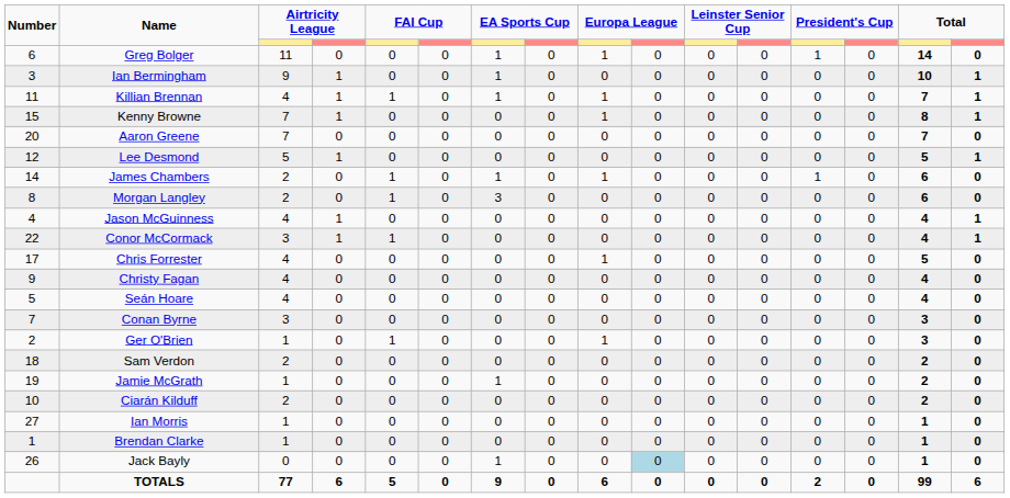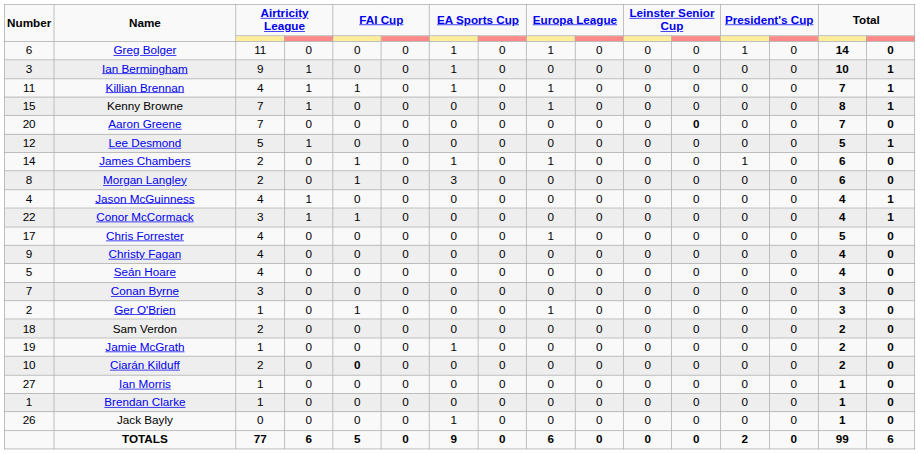 <table class="wikitable" style="text-align:center;">
 <tr style="text-align:center;">
 <td rowspan=2  style="width:5%; "><strong>Number</strong></td>
 <td rowspan=2  style="width:20%; "><strong>Name</strong></td>
 <td colspan=2><strong><a href='#'>Airtricity League</a></strong></td>
 <td colspan=2><strong><a href='#'>FAI Cup</a></strong></td>
 <td colspan=2><strong><a href='#'>EA Sports Cup</a></strong></td>
 <td colspan=2><strong><a href='#'>Europa League</a></strong></td>
 <td colspan=2><strong><a href='#'>Leinster Senior Cup</a></strong></td>
 <td colspan=2><strong><a href='#'>President's Cup</a></strong></td>
 <td colspan=2><strong>Total</strong></td>
 </tr>
 <tr>
 <th style="width:60px; background:#fe9;"></th>
 <th style="width:60px; background:#ff8888;"></th>
 <th style="width:60px; background:#fe9;"></th>
 <th style="width:60px; background:#ff8888;"></th>
 <th style="width:60px; background:#fe9;"></th>
 <th style="width:60px; background:#ff8888;"></th>
 <th style="width:60px; background:#fe9;"></th>
 <th style="width:60px; background:#ff8888;"></th>
 <th style="width:60px; background:#fe9;"></th>
 <th style="width:60px; background:#ff8888;"></th>
 <th style="width:60px; background:#fe9;"></th>
 <th style="width:60px; background:#ff8888;"></th>
 <th style="width:60px; background:#fe9;"></th>
 <th style="width:60px; background:#ff8888;"></th>
 </tr>
 <tr>
 <td>6</td>
 <td><a href='#'>Greg Bolger</a></td>
 <td>11</td>
 <td>0</td>
 <td>0</td>
 <td>0</td>
 <td>1</td>
 <td>0</td>
 <td>1</td>
 <td>0</td>
 <td>0</td>
 <td>0</td>
 <td>1</td>
 <td>0</td>
 <td><strong>14</strong></td>
 <td><strong>0</strong></td>
 </tr>
 <tr style="background:#eee;">
 <td>3</td>
 <td><a href='#'>Ian Bermingham</a></td>
 <td>9</td>
 <td>1</td>
 <td>0</td>
 <td>0</td>
 <td>1</td>
 <td>0</td>
 <td>0</td>
 <td>0</td>
 <td>0</td>
 <td>0</td>
 <td>0</td>
 <td>0</td>
 <td><strong>10</strong></td>
 <td><strong>1</strong></td>
 </tr>
 <tr>
 <td>11</td>
 <td><a href='#'>Killian Brennan</a></td>
 <td>4</td>
 <td>1</td>
 <td>1</td>
 <td>0</td>
 <td>1</td>
 <td>0</td>
 <td>1</td>
 <td>0</td>
 <td>0</td>
 <td>0</td>
 <td>0</td>
 <td>0</td>
 <td><strong>7</strong></td>
 <td><strong>1</strong></td>
 </tr>
 <tr style="background:#eee;">
 <td>15</td>
 <td>Kenny Browne</td>
 <td>7</td>
 <td>1</td>
 <td>0</td>
 <td>0</td>
 <td>0</td>
 <td>0</td>
 <td>1</td>
 <td>0</td>
 <td>0</td>
 <td>0</td>
 <td>0</td>
 <td>0</td>
 <td><strong>8</strong></td>
 <td><strong>1</strong></td>
 </tr>
 <tr>
 <td>20</td>
 <td><a href='#'>Aaron Greene</a></td>
 <td>7</td>
 <td>0</td>
 <td>0</td>
 <td>0</td>
 <td>0</td>
 <td>0</td>
 <td>0</td>
 <td>0</td>
 <td>0</td>
-<td>0</td>
+<td><strong>0</strong></td>
 <td>0</td>
 <td>0</td>
 <td><strong>7</strong></td>
 <td><strong>0</strong></td>
 </tr>
 <tr style="background:#eee;">
 <td>12</td>
 <td><a href='#'>Lee Desmond</a></td>
 <td>5</td>
 <td>1</td>
 <td>0</td>
 <td>0</td>
 <td>0</td>
 <td>0</td>
 <td>0</td>
 <td>0</td>
 <td>0</td>
 <td>0</td>
 <td>0</td>
 <td>0</td>
 <td><strong>5</strong></td>
 <td><strong>1</strong></td>
 </tr>
 <tr>
 <td>14</td>
 <td><a href='#'>James Chambers</a></td>
 <td>2</td>
 <td>0</td>
 <td>1</td>
 <td>0</td>
 <td>1</td>
 <td>0</td>
 <td>1</td>
 <td>0</td>
 <td>0</td>
 <td>0</td>
 <td>1</td>
 <td>0</td>
 <td><strong>6</strong></td>
 <td><strong>0</strong></td>
 </tr>
 <tr style="background:#eee;">
 <td>8</td>
 <td><a href='#'>Morgan Langley</a></td>
 <td>2</td>
 <td>0</td>
 <td>1</td>
 <td>0</td>
 <td>3</td>
 <td>0</td>
 <td>0</td>
 <td>0</td>
 <td>0</td>
 <td>0</td>
 <td>0</td>
 <td>0</td>
 <td><strong>6</strong></td>
 <td><strong>0</strong></td>
 </tr>
 <tr>
 <td>4</td>
 <td><a href='#'>Jason McGuinness</a></td>
 <td>4</td>
 <td>1</td>
 <td>0</td>
 <td>0</td>
 <td>0</td>
 <td>0</td>
 <td>0</td>
 <td>0</td>
 <td>0</td>
 <td>0</td>
 <td>0</td>
 <td>0</td>
 <td><strong>4</strong></td>
 <td><strong>1</strong></td>
 </tr>
 <tr style="background:#eee;">
 <td>22</td>
 <td><a href='#'>Conor McCormack</a></td>
 <td>3</td>
 <td>1</td>
 <td>1</td>
 <td>0</td>
 <td>0</td>
 <td>0</td>
 <td>0</td>
 <td>0</td>
 <td>0</td>
 <td>0</td>
 <td>0</td>
 <td>0</td>
 <td><strong>4</strong></td>
 <td><strong>1</strong></td>
 </tr>
 <tr>
 <td>17</td>
 <td><a href='#'>Chris Forrester</a></td>
 <td>4</td>
 <td>0</td>
 <td>0</td>
 <td>0</td>
 <td>0</td>
 <td>0</td>
 <td>1</td>
 <td>0</td>
 <td>0</td>
 <td>0</td>
 <td>0</td>
 <td>0</td>
 <td><strong>5</strong></td>
 <td><strong>0</strong></td>
 </tr>
 <tr style="background:#eee;">
 <td>9</td>
 <td><a href='#'>Christy Fagan</a></td>
 <td>4</td>
 <td>0</td>
 <td>0</td>
 <td>0</td>
 <td>0</td>
 <td>0</td>
 <td>0</td>
 <td>0</td>
 <td>0</td>
 <td>0</td>
 <td>0</td>
 <td>0</td>
 <td><strong>4</strong></td>
 <td><strong>0</strong></td>
 </tr>
 <tr>
 <td>5</td>
 <td><a href='#'>Seán Hoare</a></td>
 <td>4</td>
 <td>0</td>
 <td>0</td>
 <td>0</td>
 <td>0</td>
 <td>0</td>
 <td>0</td>
 <td>0</td>
 <td>0</td>
 <td>0</td>
 <td>0</td>
 <td>0</td>
 <td><strong>4</strong></td>
 <td><strong>0</strong></td>
 </tr>
 <tr style="background:#eee;">
 <td>7</td>
 <td><a href='#'>Conan Byrne</a></td>
 <td>3</td>
 <td>0</td>
 <td>0</td>
 <td>0</td>
 <td>0</td>
 <td>0</td>
 <td>0</td>
 <td>0</td>
 <td>0</td>
 <td>0</td>
 <td>0</td>
 <td>0</td>
 <td><strong>3</strong></td>
 <td><strong>0</strong></td>
 </tr>
 <tr>
 <td>2</td>
 <td><a href='#'>Ger O'Brien</a></td>
 <td>1</td>
 <td>0</td>
 <td>1</td>
 <td>0</td>
 <td>0</td>
 <td>0</td>
 <td>1</td>
 <td>0</td>
 <td>0</td>
 <td>0</td>
 <td>0</td>
 <td>0</td>
 <td><strong>3</strong></td>
 <td><strong>0</strong></td>
 </tr>
 <tr style="background:#eee;">
 <td>18</td>
 <td>Sam Verdon</td>
 <td>2</td>
 <td>0</td>
 <td>0</td>
 <td>0</td>
 <td>0</td>
 <td>0</td>
 <td>0</td>
 <td>0</td>
 <td>0</td>
 <td>0</td>
 <td>0</td>
 <td>0</td>
 <td><strong>2</strong></td>
 <td><strong>0</strong></td>
 </tr>
 <tr>
 <td>19</td>
 <td><a href='#'>Jamie McGrath</a></td>
 <td>1</td>
 <td>0</td>
 <td>0</td>
 <td>0</td>
 <td>1</td>
 <td>0</td>
 <td>0</td>
 <td>0</td>
 <td>0</td>
 <td>0</td>
 <td>0</td>
 <td>0</td>
 <td><strong>2</strong></td>
 <td><strong>0</strong></td>
 </tr>
 <tr style="background:#eee;">
 <td>10</td>
 <td><a href='#'>Ciarán Kilduff</a></td>
 <td>2</td>
 <td>0</td>
-<td>0</td>
+<td><strong>0</strong></td>
 <td>0</td>
 <td>0</td>
 <td>0</td>
 <td>0</td>
 <td>0</td>
 <td>0</td>
 <td>0</td>
 <td>0</td>
 <td>0</td>
 <td><strong>2</strong></td>
 <td><strong>0</strong></td>
 </tr>
 <tr>
 <td>27</td>
 <td><a href='#'>Ian Morris</a></td>
 <td>1</td>
 <td>0</td>
 <td>0</td>
 <td>0</td>
 <td>0</td>
 <td>0</td>
 <td>0</td>
 <td>0</td>
 <td>0</td>
 <td>0</td>
 <td>0</td>
 <td>0</td>
 <td><strong>1</strong></td>
 <td><strong>0</strong></td>
 </tr>
 <tr style="background:#eee;">
 <td>1</td>
 <td><a href='#'>Brendan Clarke</a></td>
 <td>1</td>
 <td>0</td>
 <td>0</td>
 <td>0</td>
 <td>0</td>
 <td>0</td>
 <td>0</td>
 <td>0</td>
 <td>0</td>
 <td>0</td>
 <td>0</td>
 <td>0</td>
 <td><strong>1</strong></td>
 <td><strong>0</strong></td>
 </tr>
 <tr>
 <td>26</td>
 <td>Jack Bayly</td>
 <td>0</td>
 <td>0</td>
 <td>0</td>
 <td>0</td>
 <td>1</td>
 <td>0</td>
 <td>0</td>
-<td style="background: lightblue;">0</td>
+<td>0</td>
 <td>0</td>
 <td>0</td>
 <td>0</td>
 <td>0</td>
 <td><strong>1</strong></td>
 <td><strong>0</strong></td>
 </tr>
 <tr>
 <td></td>
 <td><strong>TOTALS</strong></td>
 <td><strong>77</strong></td>
 <td><strong>6</strong></td>
 <td><strong>5</strong></td>
 <td><strong>0</strong></td>
 <td><strong>9</strong></td>
 <td><strong>0</strong></td>
 <td><strong>6</strong></td>
 <td><strong>0</strong></td>
 <td><strong>0</strong></td>
 <td><strong>0</strong></td>
 <td><strong>2</strong></td>
 <td><strong>0</strong></td>
 <td><strong>99</strong></td>
 <td><strong>6</strong></td>
 </tr>
 </table>
